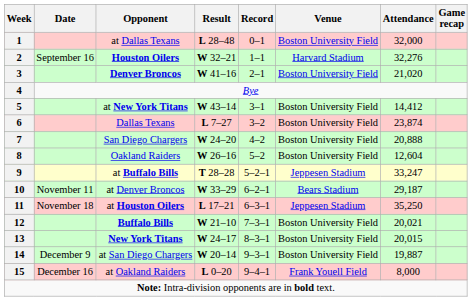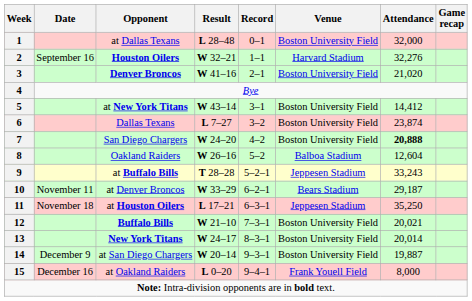 <table class="wikitable" style="text-align:center">
 <tr>
 <th>Week</th>
 <th>Date</th>
 <th>Opponent</th>
 <th>Result</th>
 <th>Record</th>
 <th>Venue</th>
 <th>Attendance</th>
 <th>Game<br>recap</th>
 </tr>
 <tr style="background:#fcc">
 <th>1</th>
 <td></td>
 <td>at <a href='#'>Dallas Texans</a></td>
 <td><strong>L</strong> 28–48</td>
 <td>0–1</td>
 <td><a href='#'>Boston University Field</a></td>
 <td>32,000</td>
 <td></td>
 </tr>
 <tr style="background:#cfc">
 <th>2</th>
 <td>September 16</td>
 <td><strong><a href='#'>Houston Oilers</a></strong></td>
 <td><strong>W</strong> 32–21</td>
 <td>1–1</td>
 <td><a href='#'>Harvard Stadium</a></td>
 <td>32,276</td>
 <td></td>
 </tr>
 <tr style="background:#cfc">
 <th>3</th>
 <td></td>
 <td><strong><a href='#'>Denver Broncos</a></strong></td>
 <td><strong>W</strong> 41–16</td>
 <td>2–1</td>
 <td><a href='#'>Boston University Field</a></td>
 <td>21,020</td>
 <td></td>
 </tr>
 <tr>
 <th>4</th>
 <td colspan="7" style="text-align:center;"><em><a href='#'>Bye</a></em></td>
 </tr>
 <tr style="background:#cfc">
 <th>5</th>
 <td></td>
 <td>at <strong><a href='#'>New York Titans</a></strong></td>
 <td><strong>W</strong>  43–14</td>
 <td>3–1</td>
 <td>Boston University Field</td>
 <td>14,412</td>
 <td></td>
 </tr>
 <tr style="background:#fcc">
 <th>6</th>
 <td></td>
 <td><a href='#'>Dallas Texans</a></td>
 <td><strong>L</strong> 7–27</td>
 <td>3–2</td>
 <td>Boston University Field</td>
 <td>23,874</td>
 <td></td>
 </tr>
 <tr style="background:#cfc">
 <th>7</th>
 <td></td>
 <td><a href='#'>San Diego Chargers</a></td>
 <td><strong>W</strong> 24–20</td>
 <td>4–2</td>
 <td>Boston University Field</td>
-<td>20,888</td>
+<td><strong>20,888</strong></td>
 <td></td>
 </tr>
 <tr style="background:#cfc">
 <th>8</th>
 <td></td>
 <td><a href='#'>Oakland Raiders</a></td>
 <td><strong>W</strong> 26–16</td>
 <td>5–2</td>
-<td>Boston University Field</td>
+<td><a href='#'>Balboa Stadium</a></td>
 <td>12,604</td>
 <td></td>
 </tr>
 <tr style="background:#ffc">
 <th>9</th>
 <td></td>
 <td>at <strong><a href='#'>Buffalo Bills</a></strong></td>
 <td><strong>T</strong> 28–28</td>
 <td>5–2–1</td>
 <td><a href='#'>Jeppesen Stadium</a></td>
-<td>33,247</td>
+<td>33,243</td>
 <td></td>
 </tr>
 <tr style="background:#cfc">
 <th>10</th>
 <td>November 11</td>
 <td>at <a href='#'>Denver Broncos</a></td>
 <td><strong>W</strong> 33–29</td>
 <td>6–2–1</td>
 <td><a href='#'>Bears Stadium</a></td>
 <td>29,187</td>
 <td></td>
 </tr>
 <tr style="background:#fcc">
 <th>11</th>
 <td>November 18</td>
 <td>at <strong><a href='#'>Houston Oilers</a></strong></td>
 <td><strong>L</strong> 17–21</td>
 <td>6–3–1</td>
 <td><a href='#'>Jeppesen Stadium</a></td>
 <td>35,250</td>
 <td></td>
 </tr>
 <tr style="background:#cfc">
 <th>12</th>
 <td></td>
 <td><strong><a href='#'>Buffalo Bills</a></strong></td>
 <td><strong>W</strong> 21–10</td>
 <td>7–3–1</td>
 <td>Boston University Field</td>
 <td>20,021</td>
 <td></td>
 </tr>
 <tr style="background:#cfc">
 <th>13</th>
 <td></td>
 <td><strong><a href='#'>New York Titans</a></strong></td>
 <td><strong>W</strong> 24–17</td>
 <td>8–3–1</td>
 <td>Boston University Field</td>
-<td>20,015</td>
+<td>20,014</td>
 <td></td>
 </tr>
 <tr style="background:#cfc">
 <th>14</th>
 <td>December 9</td>
 <td>at <a href='#'>San Diego Chargers</a></td>
 <td><strong>W</strong> 20–14</td>
 <td>9–3–1</td>
 <td>Boston University Field</td>
 <td>19,887</td>
 <td></td>
 </tr>
 <tr style="background:#fcc">
 <th>15</th>
 <td>December 16</td>
 <td>at <a href='#'>Oakland Raiders</a></td>
 <td><strong>L</strong> 0–20</td>
 <td>9–4–1</td>
 <td><a href='#'>Frank Youell Field</a></td>
 <td>8,000</td>
 <td></td>
 </tr>
 <tr>
 <td colspan="8"><strong>Note:</strong> Intra-division opponents are in <strong>bold</strong> text.</td>
 </tr>
 </table>
